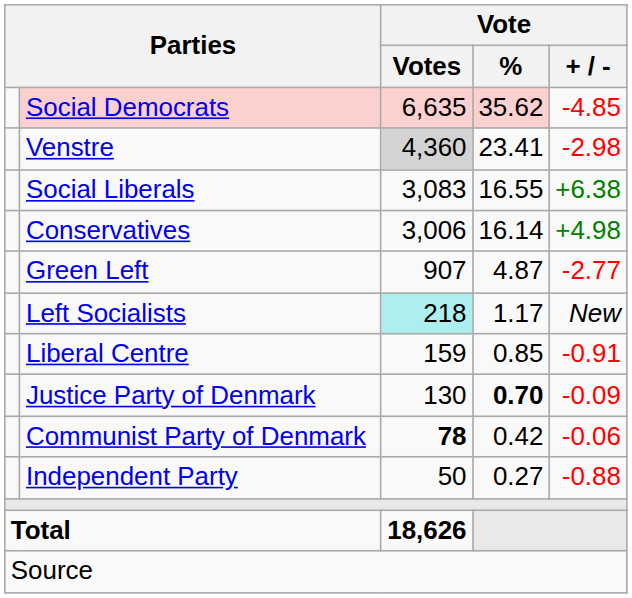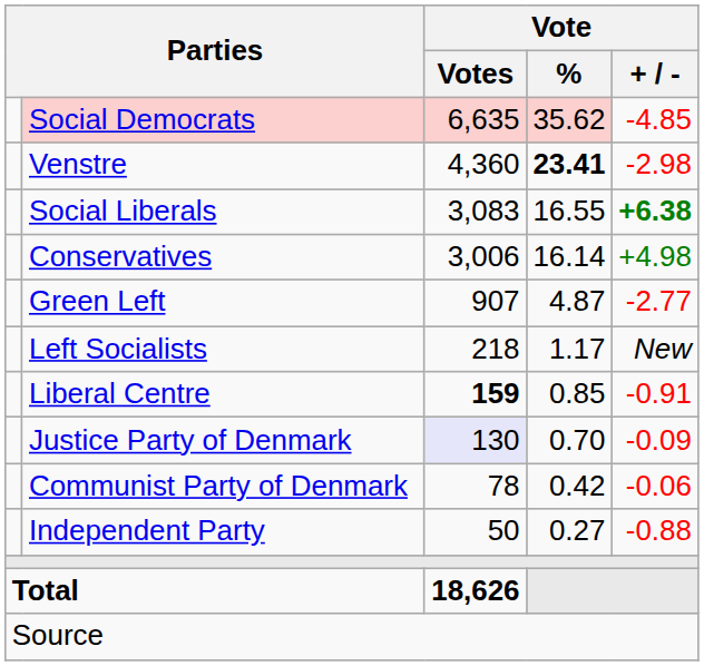 <table class="wikitable" style="text-align:right;">
 <tr>
 <th style="text-align:centre;" rowspan="2" colspan="2" width="225">Parties</th>
 <th colspan="3">Vote</th>
 </tr>
 <tr>
 <th width="15">Votes</th>
 <th width="15">%</th>
 <th width="15">+ / -</th>
 </tr>
 <tr>
 <td width="2" style="color:inherit;background:"></td>
 <td bgcolor=#fbd0ce  align="left"><a href='#'>Social Democrats</a></td>
 <td bgcolor=#fbd0ce>6,635</td>
 <td bgcolor=#fbd0ce>35.62</td>
 <td style=color:red;>-4.85</td>
 </tr>
 <tr>
 <td width="2" style="color:inherit;background:"></td>
 <td align="left"><a href='#'>Venstre</a></td>
-<td style="background: lightgrey;">4,360</td>
-<td>23.41</td>
+<td>4,360</td>
+<td><strong>23.41</strong></td>
 <td style=color:red;>-2.98</td>
 </tr>
 <tr>
 <td width="2" style="color:inherit;background:"></td>
 <td align="left"><a href='#'>Social Liberals</a></td>
 <td>3,083</td>
 <td>16.55</td>
-<td style=color:green;>+6.38</td>
+<td style=color:green;><strong>+6.38</strong></td>
 </tr>
 <tr>
 <td width="2" style="color:inherit;background:"></td>
 <td align="left"><a href='#'>Conservatives</a></td>
 <td>3,006</td>
 <td>16.14</td>
 <td style=color:green;>+4.98</td>
 </tr>
 <tr>
 <td width="2" style="color:inherit;background:"></td>
 <td align="left"><a href='#'>Green Left</a></td>
 <td>907</td>
 <td>4.87</td>
 <td style=color:red;>-2.77</td>
 </tr>
 <tr>
 <td width="2" style="color:inherit;background:"></td>
 <td align="left"><a href='#'>Left Socialists</a></td>
-<td style="background: paleturquoise;">218</td>
+<td>218</td>
 <td>1.17</td>
 <td><em>New</em></td>
 </tr>
 <tr>
 <td width="2" style="color:inherit;background:"></td>
 <td align="left"><a href='#'>Liberal Centre</a></td>
-<td>159</td>
+<td><strong>159</strong></td>
 <td>0.85</td>
 <td style=color:red;>-0.91</td>
 </tr>
 <tr>
 <td width="2" style="color:inherit;background:"></td>
 <td align="left"><a href='#'>Justice Party of Denmark</a></td>
-<td>130</td>
-<td><strong>0.70</strong></td>
+<td style="background: lavender;">130</td>
+<td>0.70</td>
 <td style=color:red;>-0.09</td>
 </tr>
 <tr>
 <td width="2" style="color:inherit;background:"></td>
 <td align="left"><a href='#'>Communist Party of Denmark</a></td>
-<td><strong>78</strong></td>
+<td>78</td>
 <td>0.42</td>
 <td style=color:red;>-0.06</td>
 </tr>
 <tr>
 <td width="2" style="color:inherit;background:"></td>
 <td align="left"><a href='#'>Independent Party</a></td>
 <td>50</td>
 <td>0.27</td>
 <td style=color:red;>-0.88</td>
 </tr>
 <tr>
 <td colspan="7" bgcolor="#E9E9E9"></td>
 </tr>
 <tr>
 <td align="left" colspan="2"><strong>Total</strong></td>
 <td><strong>18,626</strong></td>
 <td bgcolor="#E9E9E9" colspan="2"></td>
 </tr>
 <tr>
 <td align="left" colspan="6">Source</td>
 </tr>
 </table>
